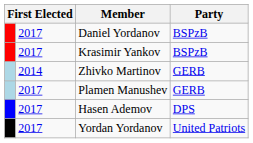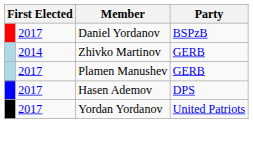 <table class="wikitable">
 <tr>
 <th colspan="2">First Elected</th>
 <th>Member</th>
 <th>Party</th>
 </tr>
 <tr>
 <td style="background-color: red"></td>
 <td><a href='#'>2017</a></td>
 <td>Daniel Yordanov</td>
-<td><a href='#'>BSPzB</a></td>
-</tr>
-<tr>
-<td style="background-color: red"></td>
-<td><a href='#'>2017</a></td>
-<td>Krasimir Yankov</td>
 <td><a href='#'>BSPzB</a></td>
 </tr>
 <tr>
 <td style="background-color: lightblue"></td>
 <td><a href='#'>2014</a></td>
 <td>Zhivko Martinov</td>
 <td><a href='#'>GERB</a></td>
 </tr>
 <tr>
 <td style="background-color: lightblue"></td>
 <td><a href='#'>2017</a></td>
 <td>Plamen Manushev</td>
 <td><a href='#'>GERB</a></td>
 </tr>
 <tr>
 <td style="background-color: blue"></td>
 <td><a href='#'>2017</a></td>
 <td>Hasen Ademov</td>
 <td><a href='#'>DPS</a></td>
 </tr>
 <tr>
 <td style="background-color: black"></td>
 <td><a href='#'>2017</a></td>
 <td>Yordan Yordanov</td>
 <td><a href='#'>United Patriots</a></td>
 </tr>
 </table>
